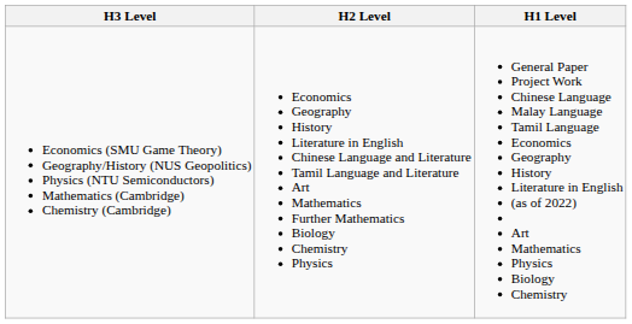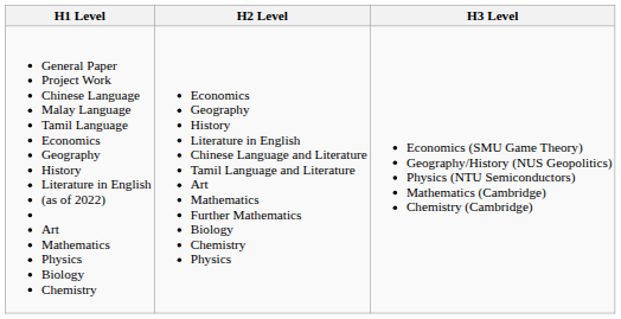 <table class="wikitable">
 <tr>
+<th>H1 Level</th>
+<th>H2 Level</th>
 <th>H3 Level</th>
-<th>H2 Level</th>
-<th>H1 Level</th>
 </tr>
 <tr>
+<td><br><ul><li>General Paper</li><li>Project Work</li><li>Chinese Language</li><li>Malay Language</li><li>Tamil Language</li><li>Economics</li><li>Geography</li><li>History</li><li>Literature in English</li><li> (as of 2022)</li><li></li><li>Art</li><li>Mathematics</li><li>Physics</li><li>Biology</li><li>Chemistry</li></ul></td>
+<td><br><ul><li>Economics</li><li>Geography</li><li>History</li><li>Literature in English</li><li>Chinese Language and Literature</li><li>Tamil Language and Literature</li><li>Art</li><li>Mathematics</li><li>Further Mathematics</li><li>Biology</li><li>Chemistry</li><li>Physics</li></ul></td>
 <td><br><ul><li>Economics (SMU Game Theory)</li><li>Geography/History (NUS Geopolitics)</li><li>Physics (NTU Semiconductors)</li><li>Mathematics (Cambridge)</li><li>Chemistry (Cambridge)</li></ul></td>
-<td><br><ul><li>Economics</li><li>Geography</li><li>History</li><li>Literature in English</li><li>Chinese Language and Literature</li><li>Tamil Language and Literature</li><li>Art</li><li>Mathematics</li><li>Further Mathematics</li><li>Biology</li><li>Chemistry</li><li>Physics</li></ul></td>
-<td><br><ul><li>General Paper</li><li>Project Work</li><li>Chinese Language</li><li>Malay Language</li><li>Tamil Language</li><li>Economics</li><li>Geography</li><li>History</li><li>Literature in English</li><li> (as of 2022)</li><li></li><li>Art</li><li>Mathematics</li><li>Physics</li><li>Biology</li><li>Chemistry</li></ul></td>
 </tr>
 </table>
